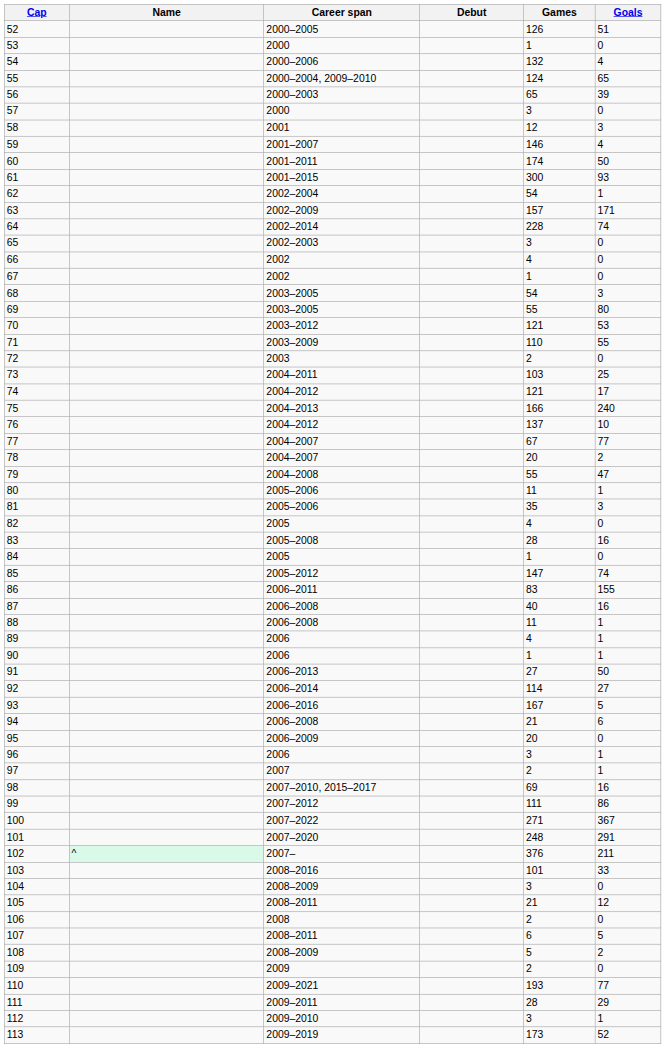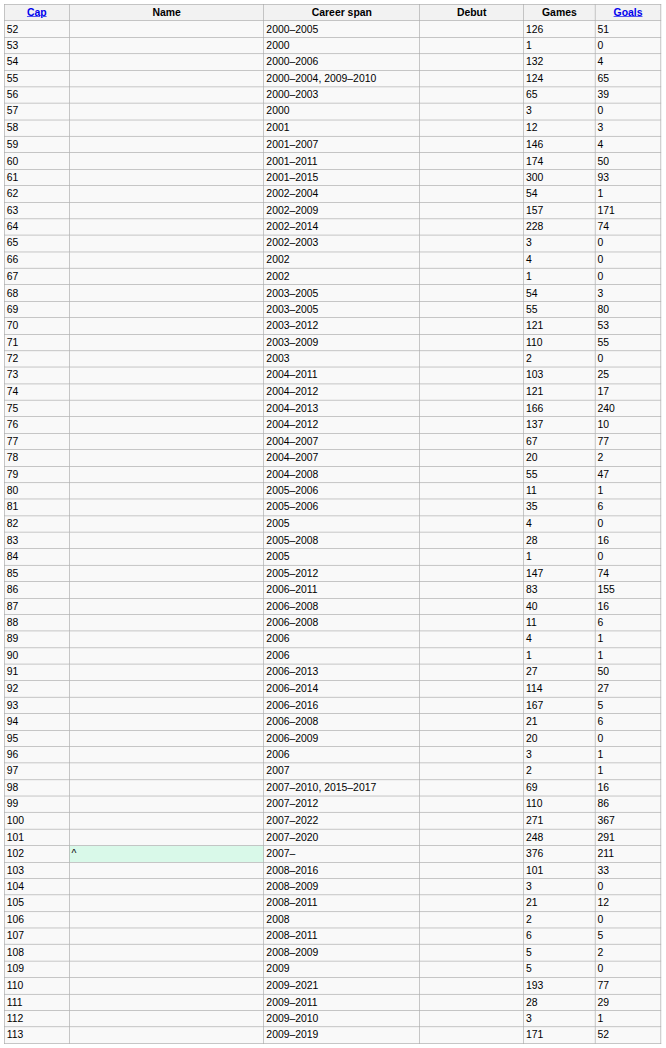 <table class="wikitable sortable" style="width:80%;">
 <tr style="background:#efefef;">
 <th style="width:5%;"><a href='#'>Cap</a></th>
 <th style="width:15%;">Name</th>
 <th style="width:12%;">Career span</th>
 <th style="width:8%;">Debut</th>
 <th style="width:5%;">Games</th>
 <th style="width:5%;"><a href='#'>Goals</a></th>
 </tr>
 <tr>
 <td>52</td>
 <td style="text-align:left;"><abbr></abbr></td>
 <td>2000–2005</td>
 <td></td>
 <td>126</td>
 <td>51</td>
 </tr>
 <tr>
 <td>53</td>
 <td style="text-align:left;"></td>
 <td>2000</td>
 <td></td>
 <td>1</td>
 <td>0</td>
 </tr>
 <tr>
 <td>54</td>
 <td style="text-align:left;"><abbr></abbr></td>
 <td>2000–2006</td>
 <td></td>
 <td>132</td>
 <td>4</td>
 </tr>
 <tr>
 <td>55</td>
 <td style="text-align:left;"><abbr></abbr></td>
 <td>2000–2004, 2009–2010</td>
 <td></td>
 <td>124</td>
 <td>65</td>
 </tr>
 <tr>
 <td>56</td>
 <td style="text-align:left;"></td>
 <td>2000–2003</td>
 <td></td>
 <td>65</td>
 <td>39</td>
 </tr>
 <tr>
 <td>57</td>
 <td style="text-align:left;"></td>
 <td>2000</td>
 <td></td>
 <td>3</td>
 <td>0</td>
 </tr>
 <tr>
 <td>58</td>
 <td style="text-align:left;"></td>
 <td>2001</td>
 <td></td>
 <td>12</td>
 <td>3</td>
 </tr>
 <tr>
 <td>59</td>
 <td style="text-align:left;"><abbr></abbr></td>
 <td>2001–2007</td>
 <td></td>
 <td>146</td>
 <td>4</td>
 </tr>
 <tr>
 <td>60</td>
 <td style="text-align:left;"><abbr></abbr></td>
 <td>2001–2011</td>
 <td></td>
 <td>174</td>
 <td>50</td>
 </tr>
 <tr>
 <td>61</td>
 <td style="text-align:left;"><abbr></abbr></td>
 <td>2001–2015</td>
 <td></td>
 <td>300</td>
 <td>93</td>
 </tr>
 <tr>
 <td>62</td>
 <td style="text-align:left;"><abbr></abbr></td>
 <td>2002–2004</td>
 <td></td>
 <td>54</td>
 <td>1</td>
 </tr>
 <tr>
 <td>63</td>
 <td style="text-align:left;"><abbr></abbr> </td>
 <td>2002–2009</td>
 <td></td>
 <td>157</td>
 <td>171</td>
 </tr>
 <tr>
 <td>64</td>
 <td style="text-align:left;"><abbr></abbr></td>
 <td>2002–2014</td>
 <td></td>
 <td>228</td>
 <td>74</td>
 </tr>
 <tr>
 <td>65</td>
 <td style="text-align:left;"></td>
 <td>2002–2003</td>
 <td></td>
 <td>3</td>
 <td>0</td>
 </tr>
 <tr>
 <td>66</td>
 <td style="text-align:left;"></td>
 <td>2002</td>
 <td></td>
 <td>4</td>
 <td>0</td>
 </tr>
 <tr>
 <td>67</td>
 <td style="text-align:left;"> </td>
 <td>2002</td>
 <td></td>
 <td>1</td>
 <td>0</td>
 </tr>
 <tr>
 <td>68</td>
 <td style="text-align:left;"></td>
 <td>2003–2005</td>
 <td></td>
 <td>54</td>
 <td>3</td>
 </tr>
 <tr>
 <td>69</td>
 <td style="text-align:left;"><abbr></abbr> </td>
 <td>2003–2005</td>
 <td></td>
 <td>55</td>
 <td>80</td>
 </tr>
 <tr>
 <td>70</td>
 <td style="text-align:left;"></td>
 <td>2003–2012</td>
 <td></td>
 <td>121</td>
 <td>53</td>
 </tr>
 <tr>
 <td>71</td>
 <td style="text-align:left;"><abbr></abbr></td>
 <td>2003–2009</td>
 <td></td>
 <td>110</td>
 <td>55</td>
 </tr>
 <tr>
 <td>72</td>
 <td style="text-align:left;"></td>
 <td>2003</td>
 <td></td>
 <td>2</td>
 <td>0</td>
 </tr>
 <tr>
 <td>73</td>
 <td style="text-align:left;"></td>
 <td>2004–2011</td>
 <td></td>
 <td>103</td>
 <td>25</td>
 </tr>
 <tr>
 <td>74</td>
 <td style="text-align:left;"></td>
 <td>2004–2012</td>
 <td></td>
 <td>121</td>
 <td>17</td>
 </tr>
 <tr>
 <td>75</td>
 <td style="text-align:left;"></td>
 <td>2004–2013</td>
 <td></td>
 <td>166</td>
 <td>240</td>
 </tr>
 <tr>
 <td>76</td>
 <td style="text-align:left;"></td>
 <td>2004–2012</td>
 <td></td>
 <td>137</td>
 <td>10</td>
 </tr>
 <tr>
 <td>77</td>
 <td style="text-align:left;"><abbr></abbr></td>
 <td>2004–2007</td>
 <td></td>
 <td>67</td>
 <td>77</td>
 </tr>
 <tr>
 <td>78</td>
 <td style="text-align:left;"></td>
 <td>2004–2007</td>
 <td></td>
 <td>20</td>
 <td>2</td>
 </tr>
 <tr>
 <td>79</td>
 <td style="text-align:left;"></td>
 <td>2004–2008</td>
 <td></td>
 <td>55</td>
 <td>47</td>
 </tr>
 <tr>
 <td>80</td>
 <td style="text-align:left;"></td>
 <td>2005–2006</td>
 <td></td>
 <td>11</td>
 <td>1</td>
 </tr>
 <tr>
 <td>81</td>
 <td style="text-align:left;"></td>
 <td>2005–2006</td>
 <td></td>
 <td>35</td>
-<td>3</td>
+<td>6</td>
 </tr>
 <tr>
 <td>82</td>
 <td style="text-align:left;"></td>
 <td>2005</td>
 <td></td>
 <td>4</td>
 <td>0</td>
 </tr>
 <tr>
 <td>83</td>
 <td style="text-align:left;"></td>
 <td>2005–2008</td>
 <td></td>
 <td>28</td>
 <td>16</td>
 </tr>
 <tr>
 <td>84</td>
 <td style="text-align:left;"></td>
 <td>2005</td>
 <td></td>
 <td>1</td>
 <td>0</td>
 </tr>
 <tr>
 <td>85</td>
 <td style="text-align:left;"> </td>
 <td>2005–2012</td>
 <td></td>
 <td>147</td>
 <td>74</td>
 </tr>
 <tr>
 <td>86</td>
 <td style="text-align:left;"> </td>
 <td>2006–2011</td>
 <td></td>
 <td>83</td>
 <td>155</td>
 </tr>
 <tr>
 <td>87</td>
 <td style="text-align:left;"></td>
 <td>2006–2008</td>
 <td></td>
 <td>40</td>
 <td>16</td>
 </tr>
 <tr>
 <td>88</td>
 <td style="text-align:left;"></td>
 <td>2006–2008</td>
 <td></td>
 <td>11</td>
-<td>1</td>
+<td>6</td>
 </tr>
 <tr>
 <td>89</td>
 <td style="text-align:left;"></td>
 <td>2006</td>
 <td></td>
 <td>4</td>
 <td>1</td>
 </tr>
 <tr>
 <td>90</td>
 <td style="text-align:left;"> </td>
 <td>2006</td>
 <td></td>
 <td>1</td>
 <td>1</td>
 </tr>
 <tr>
 <td>91</td>
 <td style="text-align:left;"></td>
 <td>2006–2013</td>
 <td></td>
 <td>27</td>
 <td>50</td>
 </tr>
 <tr>
 <td>92</td>
 <td style="text-align:left;"></td>
 <td>2006–2014</td>
 <td></td>
 <td>114</td>
 <td>27</td>
 </tr>
 <tr>
 <td>93</td>
 <td style="text-align:left;"></td>
 <td>2006–2016</td>
 <td></td>
 <td>167</td>
 <td>5</td>
 </tr>
 <tr>
 <td>94</td>
 <td style="text-align:left;"></td>
 <td>2006–2008</td>
 <td></td>
 <td>21</td>
 <td>6</td>
 </tr>
 <tr>
 <td>95</td>
 <td style="text-align:left;"></td>
 <td>2006–2009</td>
 <td></td>
 <td>20</td>
 <td>0</td>
 </tr>
 <tr>
 <td>96</td>
 <td style="text-align:left;"></td>
 <td>2006</td>
 <td></td>
 <td>3</td>
 <td>1</td>
 </tr>
 <tr>
 <td>97</td>
 <td style="text-align:left;"></td>
 <td>2007</td>
 <td></td>
 <td>2</td>
 <td>1</td>
 </tr>
 <tr>
 <td>98</td>
 <td style="text-align:left;"> </td>
 <td>2007–2010, 2015–2017</td>
 <td></td>
 <td>69</td>
 <td>16</td>
 </tr>
 <tr>
 <td>99</td>
 <td style="text-align:left;"></td>
 <td>2007–2012</td>
 <td></td>
-<td>111</td>
+<td>110</td>
 <td>86</td>
 </tr>
 <tr>
 <td>100</td>
 <td style="text-align:left"></td>
 <td>2007–2022</td>
 <td></td>
 <td>271</td>
 <td>367</td>
 </tr>
 <tr>
 <td>101</td>
 <td style="text-align:left"></td>
 <td>2007–2020</td>
 <td></td>
 <td>248</td>
 <td>291</td>
 </tr>
 <tr>
 <td>102</td>
 <td style="text-align:left; background:#d9f9e9">^ </td>
 <td>2007–</td>
 <td></td>
 <td>376</td>
 <td>211</td>
 </tr>
 <tr>
 <td>103</td>
 <td style="text-align:left;"></td>
 <td>2008–2016</td>
 <td></td>
 <td>101</td>
 <td>33</td>
 </tr>
 <tr>
 <td>104</td>
 <td style="text-align:left;"></td>
 <td>2008–2009</td>
 <td></td>
 <td>3</td>
 <td>0</td>
 </tr>
 <tr>
 <td>105</td>
 <td style="text-align:left;"></td>
 <td>2008–2011</td>
 <td></td>
 <td>21</td>
 <td>12</td>
 </tr>
 <tr>
 <td>106</td>
 <td style="text-align:left;"></td>
 <td>2008</td>
 <td></td>
 <td>2</td>
 <td>0</td>
 </tr>
 <tr>
 <td>107</td>
 <td style="text-align:left;"></td>
 <td>2008–2011</td>
 <td></td>
 <td>6</td>
 <td>5</td>
 </tr>
 <tr>
 <td>108</td>
 <td style="text-align:left;"> </td>
 <td>2008–2009</td>
 <td></td>
 <td>5</td>
 <td>2</td>
 </tr>
 <tr>
 <td>109</td>
 <td style="text-align:left;"> </td>
 <td>2009</td>
 <td></td>
-<td>2</td>
+<td>5</td>
 <td>0</td>
 </tr>
 <tr>
 <td>110</td>
 <td style="text-align:left;"></td>
 <td>2009–2021</td>
 <td></td>
 <td>193</td>
 <td>77</td>
 </tr>
 <tr>
 <td>111</td>
 <td style="text-align:left;"></td>
 <td>2009–2011</td>
 <td></td>
 <td>28</td>
 <td>29</td>
 </tr>
 <tr>
 <td>112</td>
 <td style="text-align:left;"></td>
 <td>2009–2010</td>
 <td></td>
 <td>3</td>
 <td>1</td>
 </tr>
 <tr>
 <td>113</td>
 <td style="text-align:left"></td>
 <td>2009–2019</td>
 <td></td>
-<td>173</td>
+<td>171</td>
 <td>52</td>
 </tr>
 </table>
